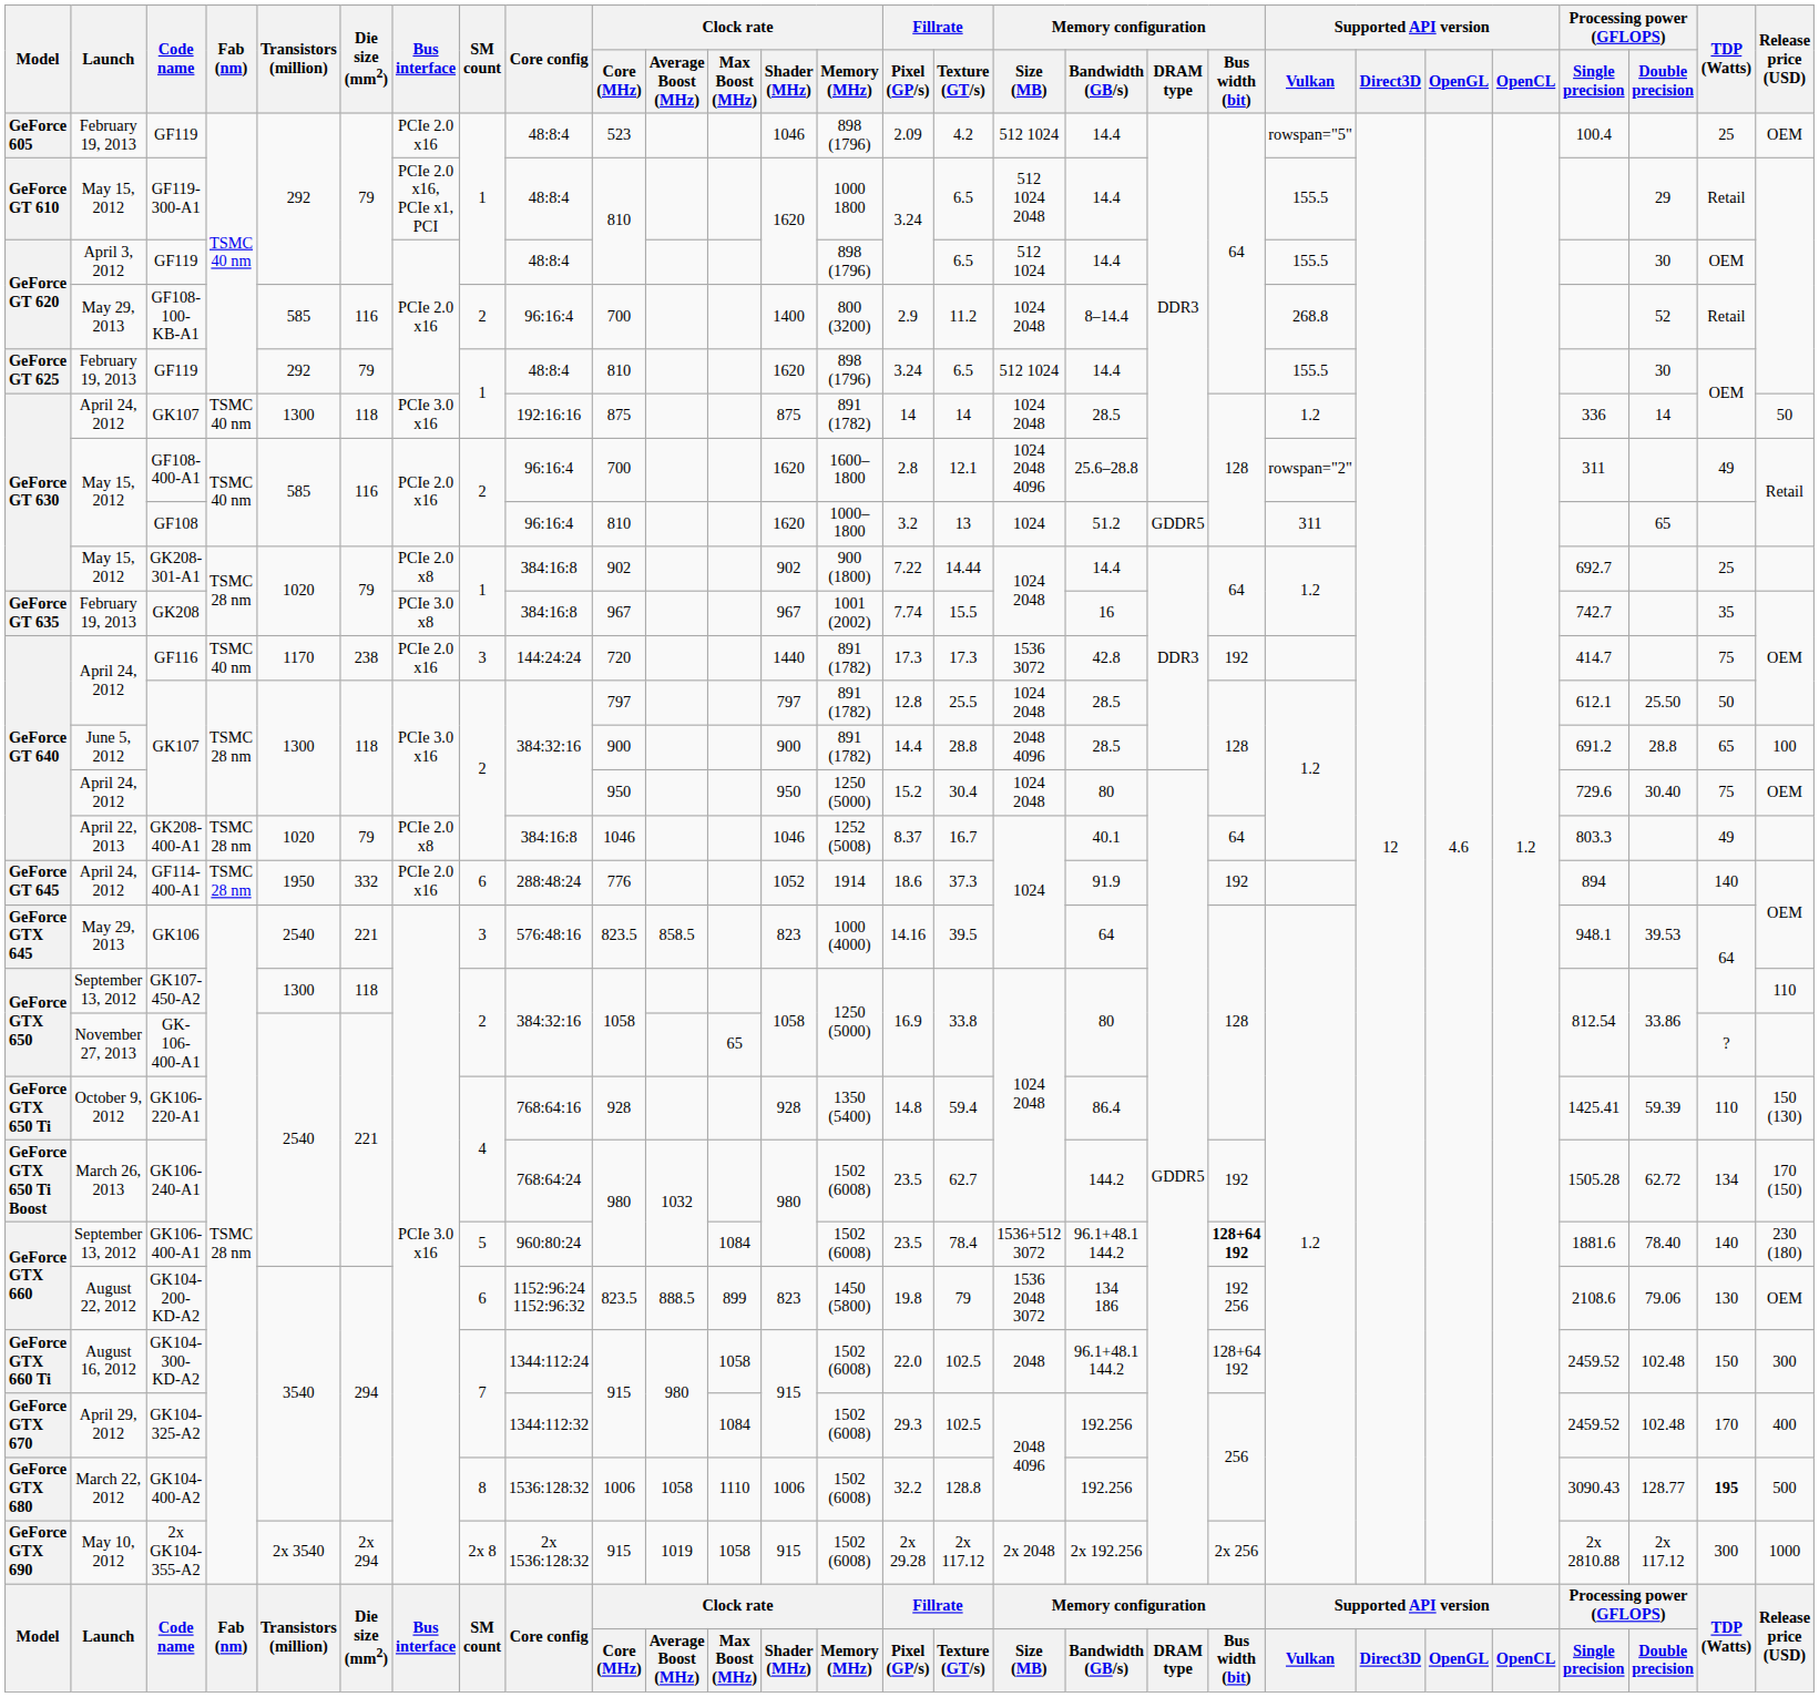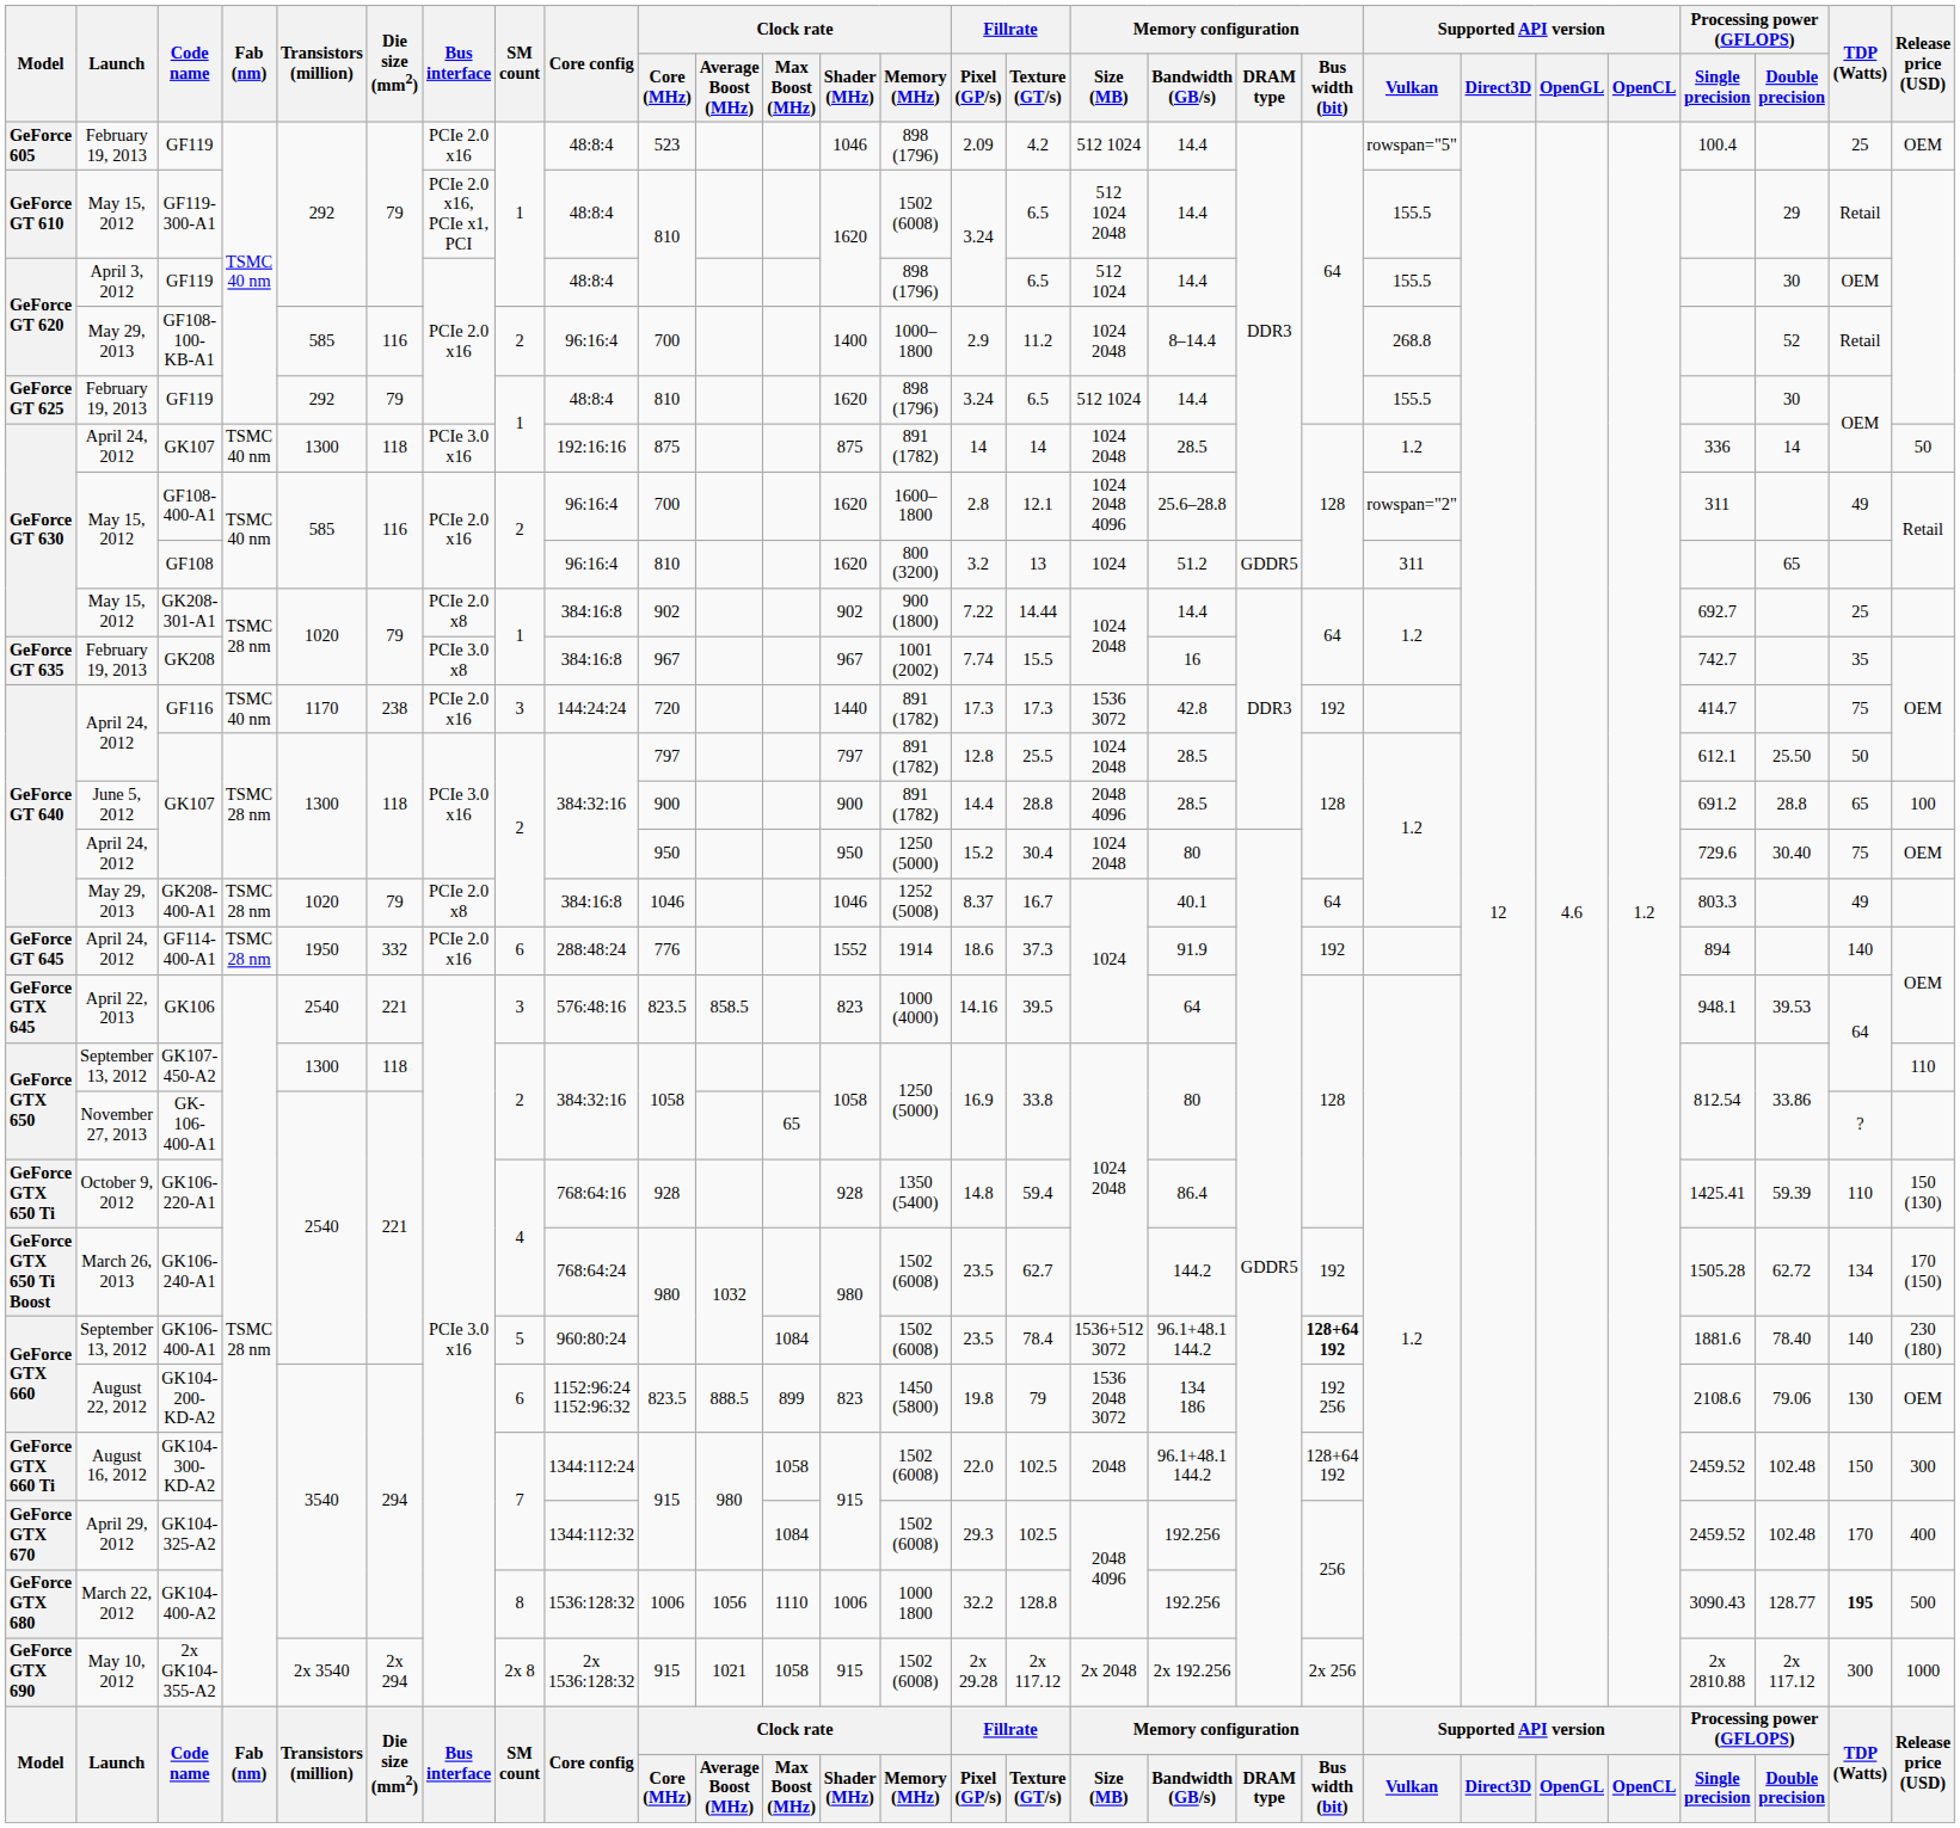 <table class="wikitable sortable sort-under mw-datatable" style="font-size: 80%; text-align: center;">
 <tr>
 <th rowspan="2">Model</th>
 <th rowspan="2">Launch</th>
 <th rowspan="2"><a href='#'>Code name</a></th>
 <th rowspan="2">Fab (<a href='#'>nm</a>)</th>
 <th rowspan="2">Transistors (million)</th>
 <th rowspan="2">Die size (mm<sup>2</sup>)</th>
 <th rowspan="2"><a href='#'>Bus</a> <a href='#'>interface</a></th>
 <th rowspan="2">SM count</th>
 <th rowspan="2">Core config</th>
 <th colspan="5">Clock rate</th>
 <th colspan="2"><a href='#'>Fillrate</a></th>
 <th colspan="4">Memory configuration</th>
 <th colspan="4">Supported <a href='#'>API</a> version</th>
 <th colspan="2">Processing power (<a href='#'>GFLOPS</a>)</th>
 <th rowspan="2"><a href='#'>TDP</a> (Watts)</th>
 <th rowspan="2">Release price (USD)</th>
 </tr>
 <tr>
 <th>Core (<a href='#'>MHz</a>)</th>
 <th>Average Boost (<a href='#'>MHz</a>)</th>
 <th>Max Boost (<a href='#'>MHz</a>)</th>
 <th>Shader (<a href='#'>MHz</a>)</th>
 <th>Memory (<a href='#'>MHz</a>)</th>
 <th>Pixel (<a href='#'>GP</a>/s)</th>
 <th>Texture (<a href='#'>GT</a>/s)</th>
 <th>Size (<a href='#'>MB</a>)</th>
 <th>Bandwidth (<a href='#'>GB</a>/s)</th>
 <th>DRAM type</th>
 <th>Bus width (<a href='#'>bit</a>)</th>
 <th><a href='#'>Vulkan</a></th>
 <th><a href='#'>Direct3D</a></th>
 <th><a href='#'>OpenGL</a></th>
 <th><a href='#'>OpenCL</a></th>
 <th><a href='#'>Single precision</a></th>
 <th><a href='#'>Double precision</a></th>
 </tr>
 <tr>
 <th style="text-align:left;">GeForce 605</th>
 <td>February 19, 2013</td>
 <td>GF119</td>
 <td rowspan="5"><a href='#'>TSMC</a> <a href='#'>40 nm</a></td>
 <td rowspan="3">292</td>
 <td rowspan="3">79</td>
 <td>PCIe 2.0 x16</td>
 <td rowspan="3">1</td>
 <td>48:8:4</td>
 <td>523</td>
 <td></td>
 <td></td>
 <td>1046</td>
 <td>898<br>(1796)</td>
 <td>2.09</td>
 <td>4.2</td>
 <td>512 1024</td>
 <td>14.4</td>
 <td rowspan="7">DDR3</td>
 <td rowspan="5">64</td>
 <td>rowspan="5" </td>
 <td rowspan="27">12</td>
 <td rowspan="27">4.6</td>
 <td rowspan="27">1.2</td>
 <td>100.4</td>
 <td></td>
 <td>25</td>
 <td>OEM</td>
 </tr>
 <tr>
 <th style="text-align:left;">GeForce GT 610</th>
 <td>May 15, 2012</td>
 <td>GF119-300-A1</td>
 <td>PCIe 2.0 x16, PCIe x1, PCI</td>
 <td>48:8:4</td>
 <td rowspan="2">810</td>
 <td></td>
 <td></td>
 <td rowspan="2">1620</td>
-<td>1000<br>1800</td>
+<td>1502<br>(6008)</td>
 <td rowspan="2">3.24</td>
 <td>6.5</td>
 <td>512<br>1024<br>2048</td>
 <td>14.4</td>
 <td>155.5</td>
 <td></td>
 <td>29</td>
 <td>Retail</td>
 </tr>
 <tr>
 <th rowspan="2" style="text-align:left;">GeForce GT 620</th>
 <td>April 3, 2012</td>
 <td>GF119</td>
 <td rowspan="3">PCIe 2.0 x16</td>
 <td>48:8:4</td>
 <td></td>
 <td></td>
 <td>898<br>(1796)</td>
 <td>6.5</td>
 <td>512<br>1024</td>
 <td>14.4</td>
 <td>155.5</td>
 <td></td>
 <td>30</td>
 <td>OEM</td>
 </tr>
 <tr>
 <td>May 29, 2013</td>
 <td>GF108-100-KB-A1</td>
 <td>585</td>
 <td>116</td>
 <td>2</td>
 <td>96:16:4</td>
 <td>700</td>
 <td></td>
 <td></td>
 <td>1400</td>
-<td>800<br>(3200)</td>
+<td>1000–1800</td>
 <td>2.9</td>
 <td>11.2</td>
 <td>1024<br>2048</td>
 <td>8–14.4</td>
 <td>268.8</td>
 <td></td>
 <td>52</td>
 <td>Retail</td>
 </tr>
 <tr>
 <th style="text-align:left;">GeForce GT 625</th>
 <td>February 19, 2013</td>
 <td>GF119</td>
 <td>292</td>
 <td>79</td>
 <td rowspan="2">1</td>
 <td>48:8:4</td>
 <td>810</td>
 <td></td>
 <td></td>
 <td>1620</td>
 <td>898<br>(1796)</td>
 <td>3.24</td>
 <td>6.5</td>
 <td>512 1024</td>
 <td>14.4</td>
 <td>155.5</td>
 <td></td>
 <td>30</td>
 <td rowspan="2">OEM</td>
 </tr>
 <tr>
 <th rowspan="4" style="text-align:left;">GeForce GT 630</th>
 <td>April 24, 2012</td>
 <td>GK107</td>
 <td>TSMC 40 nm</td>
 <td>1300</td>
 <td>118</td>
 <td>PCIe 3.0 x16</td>
 <td>192:16:16</td>
 <td>875</td>
 <td></td>
 <td></td>
 <td>875</td>
 <td>891<br>(1782)</td>
 <td>14</td>
 <td>14</td>
 <td>1024<br>2048</td>
 <td>28.5</td>
 <td rowspan="3">128</td>
 <td>1.2</td>
 <td>336</td>
 <td>14</td>
 <td>50</td>
 </tr>
 <tr>
 <td rowspan="2">May 15, 2012</td>
 <td>GF108-400-A1</td>
 <td rowspan="2">TSMC 40 nm</td>
 <td rowspan="2">585</td>
 <td rowspan="2">116</td>
 <td rowspan="2">PCIe 2.0 x16</td>
 <td rowspan="2">2</td>
 <td>96:16:4</td>
 <td>700</td>
 <td></td>
 <td></td>
 <td>1620</td>
 <td>1600–1800</td>
 <td>2.8</td>
 <td>12.1</td>
 <td>1024<br>2048<br>4096</td>
 <td>25.6–28.8</td>
 <td>rowspan="2" </td>
 <td>311</td>
 <td></td>
 <td>49</td>
 <td rowspan="2">Retail</td>
 </tr>
 <tr>
 <td>GF108</td>
 <td>96:16:4</td>
 <td>810</td>
 <td></td>
 <td></td>
 <td>1620</td>
-<td>1000–1800</td>
+<td>800<br>(3200)</td>
 <td>3.2</td>
 <td>13</td>
 <td>1024</td>
 <td>51.2</td>
 <td>GDDR5</td>
 <td>311</td>
 <td></td>
 <td>65</td>
 </tr>
 <tr>
 <td>May 15, 2012</td>
 <td>GK208-301-A1</td>
 <td rowspan="2">TSMC 28 nm</td>
 <td rowspan="2">1020</td>
 <td rowspan="2">79</td>
 <td>PCIe 2.0 x8</td>
 <td rowspan="2">1</td>
 <td>384:16:8</td>
 <td>902</td>
 <td></td>
 <td></td>
 <td>902</td>
 <td>900<br>(1800)</td>
 <td>7.22</td>
 <td>14.44</td>
 <td rowspan="2">1024<br>2048</td>
 <td>14.4</td>
 <td rowspan="5">DDR3</td>
 <td rowspan="2">64</td>
 <td rowspan="2">1.2</td>
 <td>692.7</td>
 <td></td>
 <td>25</td>
 <td></td>
 </tr>
 <tr>
 <th style="text-align:left;">GeForce GT 635</th>
 <td>February 19, 2013</td>
 <td>GK208</td>
 <td>PCIe 3.0 x8</td>
 <td>384:16:8</td>
 <td>967</td>
 <td></td>
 <td></td>
 <td>967</td>
 <td>1001<br>(2002)</td>
 <td>7.74</td>
 <td>15.5</td>
 <td>16</td>
 <td>742.7</td>
 <td></td>
 <td>35</td>
 <td rowspan="3">OEM</td>
 </tr>
 <tr>
 <th rowspan="5" style="text-align:left;">GeForce GT 640</th>
 <td rowspan="2">April 24, 2012</td>
 <td>GF116</td>
 <td>TSMC 40 nm</td>
 <td>1170</td>
 <td>238</td>
 <td>PCIe 2.0 x16</td>
 <td>3</td>
 <td>144:24:24</td>
 <td>720</td>
 <td></td>
 <td></td>
 <td>1440</td>
 <td>891<br>(1782)</td>
 <td>17.3</td>
 <td>17.3</td>
 <td>1536<br>3072</td>
 <td>42.8</td>
 <td>192</td>
 <td></td>
 <td>414.7</td>
 <td></td>
 <td>75</td>
 </tr>
 <tr>
 <td rowspan="3">GK107</td>
 <td rowspan="3">TSMC 28 nm</td>
 <td rowspan="3">1300</td>
 <td rowspan="3">118</td>
 <td rowspan="3">PCIe 3.0 x16</td>
 <td rowspan="4">2</td>
 <td rowspan="3">384:32:16</td>
 <td>797</td>
 <td></td>
 <td></td>
 <td>797</td>
 <td>891<br>(1782)</td>
 <td>12.8</td>
 <td>25.5</td>
 <td>1024<br>2048</td>
 <td>28.5</td>
 <td rowspan="3">128</td>
 <td rowspan="4">1.2</td>
 <td>612.1</td>
 <td>25.50</td>
 <td>50</td>
 </tr>
 <tr>
 <td>June 5, 2012</td>
 <td>900</td>
 <td></td>
 <td></td>
 <td>900</td>
 <td>891<br>(1782)</td>
 <td>14.4</td>
 <td>28.8</td>
 <td>2048<br>4096</td>
 <td>28.5</td>
 <td>691.2</td>
 <td>28.8</td>
 <td>65</td>
 <td>100</td>
 </tr>
 <tr>
 <td>April 24, 2012</td>
 <td>950</td>
 <td></td>
 <td></td>
 <td>950</td>
 <td>1250<br>(5000)</td>
 <td>15.2</td>
 <td>30.4</td>
 <td>1024<br>2048</td>
 <td>80</td>
 <td rowspan="14">GDDR5</td>
 <td>729.6</td>
 <td>30.40</td>
 <td>75</td>
 <td>OEM</td>
 </tr>
 <tr>
-<td>April 22, 2013</td>
+<td>May 29, 2013</td>
 <td>GK208-400-A1</td>
 <td>TSMC 28 nm</td>
 <td>1020</td>
 <td>79</td>
 <td>PCIe 2.0 x8</td>
 <td>384:16:8</td>
 <td>1046</td>
 <td></td>
 <td></td>
 <td>1046</td>
 <td>1252<br>(5008)</td>
 <td>8.37</td>
 <td>16.7</td>
 <td rowspan="3">1024</td>
 <td>40.1</td>
 <td>64</td>
 <td>803.3</td>
 <td></td>
 <td>49</td>
 <td></td>
 </tr>
 <tr>
 <th style="text-align:left;">GeForce GT 645</th>
 <td>April 24, 2012</td>
 <td>GF114-400-A1</td>
 <td>TSMC <a href='#'>28 nm</a></td>
 <td>1950</td>
 <td>332</td>
 <td>PCIe 2.0 x16</td>
 <td>6</td>
 <td>288:48:24</td>
 <td>776</td>
 <td></td>
 <td></td>
-<td>1052</td>
+<td>1552</td>
 <td>1914</td>
 <td>18.6</td>
 <td>37.3</td>
 <td>91.9</td>
 <td>192</td>
 <td></td>
 <td>894</td>
 <td></td>
 <td>140</td>
 <td rowspan="2">OEM</td>
 </tr>
 <tr>
 <th style="text-align:left;">GeForce GTX 645</th>
-<td>May 29, 2013</td>
+<td>April 22, 2013</td>
 <td>GK106</td>
 <td rowspan="11">TSMC 28 nm</td>
 <td>2540</td>
 <td>221</td>
 <td rowspan="11">PCIe 3.0 x16</td>
 <td>3</td>
 <td>576:48:16</td>
 <td>823.5</td>
 <td>858.5</td>
 <td></td>
 <td>823</td>
 <td>1000<br>(4000)</td>
 <td>14.16</td>
 <td>39.5</td>
 <td>64</td>
 <td rowspan="4">128</td>
 <td rowspan="11">1.2</td>
 <td>948.1</td>
 <td>39.53</td>
 <td rowspan="2">64</td>
 </tr>
 <tr>
 <th rowspan="2" style="text-align:left;">GeForce GTX 650</th>
 <td>September 13, 2012</td>
 <td>GK107-450-A2</td>
 <td>1300</td>
 <td>118</td>
 <td rowspan="2">2</td>
 <td rowspan="2">384:32:16</td>
 <td rowspan="2">1058</td>
 <td></td>
 <td></td>
 <td rowspan="2">1058</td>
 <td rowspan="2">1250<br>(5000)</td>
 <td rowspan="2">16.9</td>
 <td rowspan="2">33.8</td>
 <td rowspan="4">1024<br>2048</td>
 <td rowspan="2">80</td>
 <td rowspan="2">812.54</td>
 <td rowspan="2">33.86</td>
 <td>110</td>
 </tr>
 <tr>
 <td>November 27, 2013</td>
 <td>GK-106-400-A1</td>
 <td rowspan="4">2540</td>
 <td rowspan="4">221</td>
 <td></td>
 <td>65</td>
 <td>?</td>
 </tr>
 <tr>
 <th style="text-align:left;">GeForce GTX 650 Ti</th>
 <td>October 9, 2012</td>
 <td>GK106-220-A1</td>
 <td rowspan="2">4</td>
 <td>768:64:16</td>
 <td>928</td>
 <td></td>
 <td></td>
 <td>928</td>
 <td>1350<br>(5400)</td>
 <td>14.8</td>
 <td>59.4</td>
 <td>86.4</td>
 <td>1425.41</td>
 <td>59.39</td>
 <td>110</td>
 <td>150 (130)</td>
 </tr>
 <tr>
 <th style="text-align:left;">GeForce GTX 650 Ti Boost</th>
 <td>March 26, 2013</td>
 <td>GK106-240-A1</td>
 <td>768:64:24</td>
 <td rowspan="2">980</td>
 <td rowspan="2">1032</td>
 <td></td>
 <td rowspan="2">980</td>
 <td>1502<br>(6008)</td>
 <td>23.5</td>
 <td>62.7</td>
 <td>144.2</td>
 <td>192</td>
 <td>1505.28</td>
 <td>62.72</td>
 <td>134</td>
 <td>170 (150)</td>
 </tr>
 <tr>
 <th rowspan="2" style="text-align:left;">GeForce GTX 660</th>
 <td>September 13, 2012</td>
 <td>GK106-400-A1</td>
 <td>5</td>
 <td>960:80:24</td>
 <td>1084</td>
 <td>1502<br>(6008)</td>
 <td>23.5</td>
 <td>78.4</td>
 <td>1536+512<br>3072</td>
 <td>96.1+48.1<br>144.2</td>
 <td><strong>128+64<br>192</strong></td>
 <td>1881.6</td>
 <td>78.40</td>
 <td>140</td>
 <td>230 (180)</td>
 </tr>
 <tr>
 <td>August 22, 2012</td>
 <td>GK104-200-KD-A2</td>
 <td rowspan="4">3540</td>
 <td rowspan="4">294</td>
 <td>6</td>
 <td>1152:96:24<br>1152:96:32</td>
 <td>823.5</td>
 <td>888.5</td>
 <td>899</td>
 <td>823</td>
 <td>1450<br>(5800)</td>
 <td>19.8</td>
 <td>79</td>
 <td>1536<br>2048<br>3072</td>
 <td>134<br>186</td>
 <td>192<br>256</td>
 <td>2108.6</td>
 <td>79.06</td>
 <td>130</td>
 <td>OEM</td>
 </tr>
 <tr>
 <th style="text-align:left;">GeForce GTX 660 Ti</th>
 <td>August 16, 2012</td>
 <td>GK104-300-KD-A2</td>
 <td rowspan="2">7</td>
 <td>1344:112:24</td>
 <td rowspan="2">915</td>
 <td rowspan="2">980</td>
 <td>1058</td>
 <td rowspan="2">915</td>
 <td>1502<br>(6008)</td>
 <td>22.0</td>
 <td>102.5</td>
 <td>2048</td>
 <td>96.1+48.1<br>144.2</td>
 <td>128+64<br>192</td>
 <td>2459.52</td>
 <td>102.48</td>
 <td>150</td>
 <td>300</td>
 </tr>
 <tr>
 <th style="text-align:left;">GeForce GTX 670</th>
 <td>April 29, 2012</td>
 <td>GK104-325-A2</td>
 <td>1344:112:32</td>
 <td>1084</td>
 <td>1502<br>(6008)</td>
 <td>29.3</td>
 <td>102.5</td>
 <td rowspan="2">2048<br>4096</td>
 <td>192.256</td>
 <td rowspan="2">256</td>
 <td>2459.52</td>
 <td>102.48</td>
 <td>170</td>
 <td>400</td>
 </tr>
 <tr>
 <th style="text-align:left;">GeForce GTX 680</th>
 <td>March 22, 2012</td>
 <td>GK104-400-A2</td>
 <td>8</td>
 <td>1536:128:32</td>
 <td>1006</td>
-<td>1058</td>
+<td>1056</td>
 <td>1110</td>
 <td>1006</td>
-<td>1502<br>(6008)</td>
+<td>1000<br>1800</td>
 <td>32.2</td>
 <td>128.8</td>
 <td>192.256</td>
 <td>3090.43</td>
 <td>128.77</td>
 <td><strong>195</strong></td>
 <td>500</td>
 </tr>
 <tr>
 <th style="text-align:left;">GeForce GTX 690</th>
 <td>May 10, 2012</td>
 <td>2x GK104-355-A2</td>
 <td>2x 3540</td>
 <td>2x 294</td>
 <td>2x 8</td>
 <td>2x 1536:128:32</td>
 <td>915</td>
-<td>1019</td>
+<td>1021</td>
 <td>1058</td>
 <td>915</td>
 <td>1502<br>(6008)</td>
 <td>2x 29.28</td>
 <td>2x 117.12</td>
 <td>2x 2048</td>
 <td>2x 192.256</td>
 <td>2x 256</td>
 <td>2x 2810.88</td>
 <td>2x 117.12</td>
 <td>300</td>
 <td>1000</td>
 </tr>
 <tr>
 <th rowspan="2">Model</th>
 <th rowspan="2">Launch</th>
 <th rowspan="2"><a href='#'>Code name</a></th>
 <th rowspan="2">Fab (<a href='#'>nm</a>)</th>
 <th rowspan="2">Transistors (million)</th>
 <th rowspan="2">Die size (mm<sup>2</sup>)</th>
 <th rowspan="2"><a href='#'>Bus</a> <a href='#'>interface</a></th>
 <th rowspan="2">SM count</th>
 <th rowspan="2">Core config</th>
 <th colspan="5">Clock rate</th>
 <th colspan="2"><a href='#'>Fillrate</a></th>
 <th colspan="4">Memory configuration</th>
 <th colspan="4">Supported <a href='#'>API</a> version</th>
 <th colspan="2">Processing power (<a href='#'>GFLOPS</a>)</th>
 <th rowspan="2"><a href='#'>TDP</a> (Watts)</th>
 <th rowspan="2">Release price (USD)</th>
 </tr>
 <tr>
 <th>Core (<a href='#'>MHz</a>)</th>
 <th>Average Boost (<a href='#'>MHz</a>)</th>
 <th>Max Boost (<a href='#'>MHz</a>)</th>
 <th>Shader (<a href='#'>MHz</a>)</th>
 <th>Memory (<a href='#'>MHz</a>)</th>
 <th>Pixel (<a href='#'>GP</a>/s)</th>
 <th>Texture (<a href='#'>GT</a>/s)</th>
 <th>Size (<a href='#'>MB</a>)</th>
 <th>Bandwidth (<a href='#'>GB</a>/s)</th>
 <th>DRAM type</th>
 <th>Bus width (<a href='#'>bit</a>)</th>
 <th><a href='#'>Vulkan</a></th>
 <th><a href='#'>Direct3D</a></th>
 <th><a href='#'>OpenGL</a></th>
 <th><a href='#'>OpenCL</a></th>
 <th><a href='#'>Single precision</a></th>
 <th><a href='#'>Double precision</a></th>
 </tr>
 </table>
